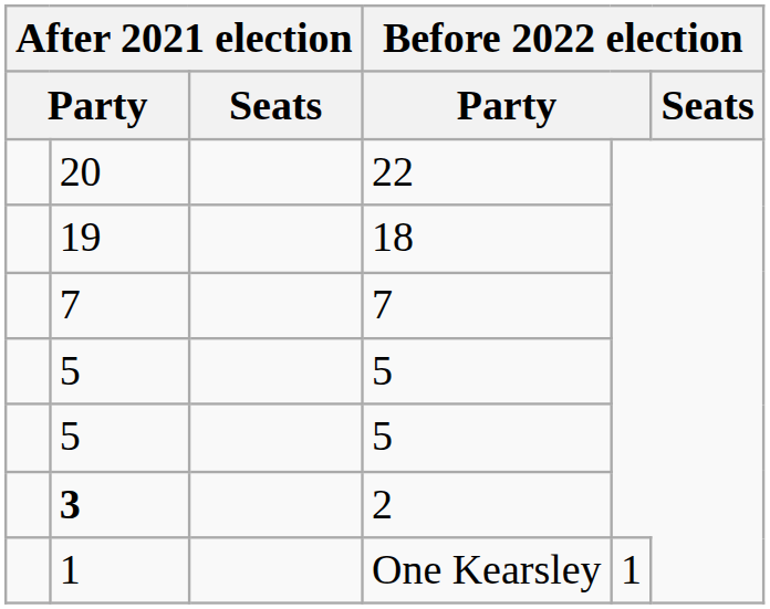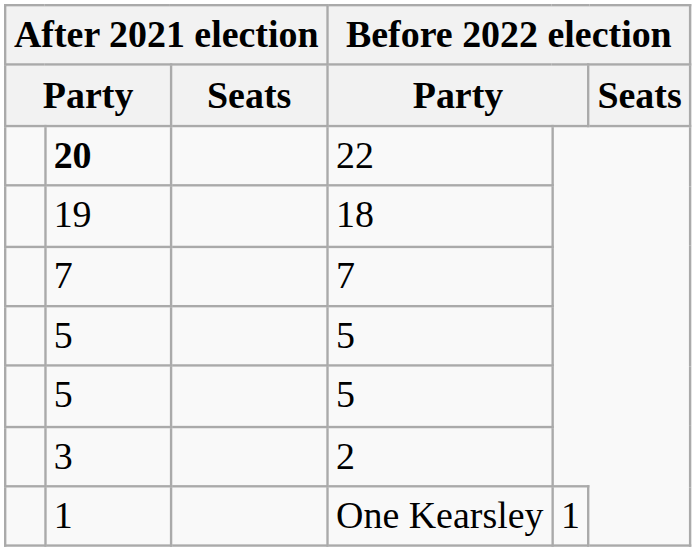 <table class="wikitable">
 <tr>
 <th colspan="3">After 2021 election</th>
 <th colspan="3">Before 2022 election</th>
 </tr>
 <tr>
 <th colspan="2">Party</th>
 <th>Seats</th>
 <th colspan="2">Party</th>
 <th>Seats</th>
 </tr>
 <tr>
 <td></td>
-<td>20</td>
+<td><strong>20</strong></td>
 <td></td>
 <td>22</td>
 </tr>
 <tr>
 <td></td>
 <td>19</td>
 <td></td>
 <td>18</td>
 </tr>
 <tr>
 <td></td>
 <td>7</td>
 <td></td>
 <td>7</td>
 </tr>
 <tr>
 <td></td>
 <td>5</td>
 <td></td>
 <td>5</td>
 </tr>
 <tr>
 <td></td>
 <td>5</td>
 <td></td>
 <td>5</td>
 </tr>
 <tr>
 <td></td>
-<td><strong>3</strong></td>
+<td>3</td>
 <td></td>
 <td>2</td>
 </tr>
 <tr>
 <td></td>
 <td>1</td>
 <td></td>
 <td>One Kearsley</td>
 <td>1</td>
 </tr>
 </table>
